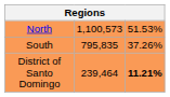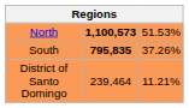 <table class="wikitable" id="cx9" style="text-align:center;clear:all; margin-right:8px; font-size:85%;" width="24%">
 <tr>
 <th colspan="8">Regions</th>
 </tr>
 <tr bgcolor="#FA9A56">
 <td><a href='#'>North</a></td>
-<td align="center">1,100,573</td>
+<td align="center"><strong>1,100,573</strong></td>
 <td align="center">51.53%</td>
 </tr>
 <tr bgcolor="#FA9A56">
 <td>South</td>
-<td align="center">795,835</td>
+<td align="center"><strong>795,835</strong></td>
 <td align="center">37.26%</td>
 </tr>
 <tr bgcolor="#FA9A56">
 <td>District of Santo Domingo</td>
 <td align="center">239,464</td>
-<td align="center"><strong>11.21%</strong></td>
+<td align="center">11.21%</td>
 </tr>
 </table>
